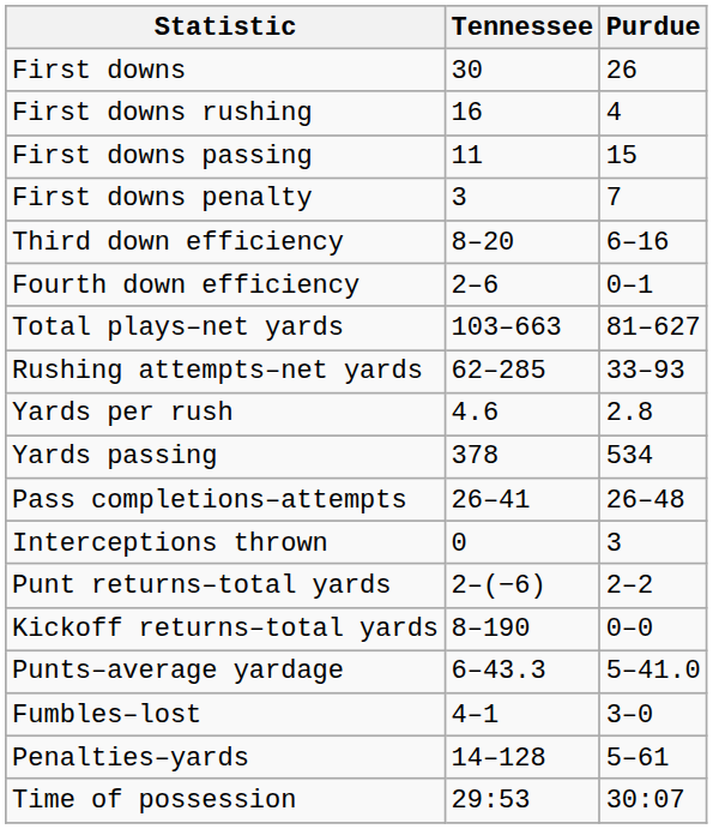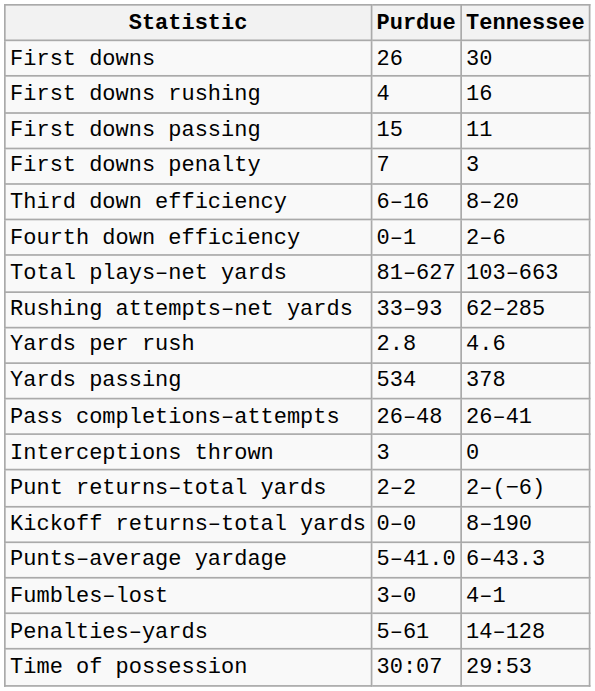 <table class="wikitable">
 <tr>
 <th>Statistic</th>
+<th><strong>Purdue</strong></th>
 <th><strong>Tennessee</strong></th>
-<th><strong>Purdue</strong></th>
 </tr>
 <tr>
 <td>First downs</td>
+<td>26</td>
 <td>30</td>
-<td>26</td>
 </tr>
 <tr>
 <td>First downs rushing</td>
+<td>4</td>
 <td>16</td>
-<td>4</td>
 </tr>
 <tr>
 <td>First downs passing</td>
+<td>15</td>
 <td>11</td>
-<td>15</td>
 </tr>
 <tr>
 <td>First downs penalty</td>
+<td>7</td>
 <td>3</td>
-<td>7</td>
 </tr>
 <tr>
 <td>Third down efficiency</td>
+<td>6–16</td>
 <td>8–20</td>
-<td>6–16</td>
 </tr>
 <tr>
 <td>Fourth down efficiency</td>
+<td>0–1</td>
 <td>2–6</td>
-<td>0–1</td>
 </tr>
 <tr>
 <td>Total plays–net yards</td>
+<td>81–627</td>
 <td>103–663</td>
-<td>81–627</td>
 </tr>
 <tr>
 <td>Rushing attempts–net yards</td>
+<td>33–93</td>
 <td>62–285</td>
-<td>33–93</td>
 </tr>
 <tr>
 <td>Yards per rush</td>
+<td>2.8</td>
 <td>4.6</td>
-<td>2.8</td>
 </tr>
 <tr>
 <td>Yards passing</td>
+<td>534</td>
 <td>378</td>
-<td>534</td>
 </tr>
 <tr>
 <td>Pass completions–attempts</td>
+<td>26–48</td>
 <td>26–41</td>
-<td>26–48</td>
 </tr>
 <tr>
 <td>Interceptions thrown</td>
+<td>3</td>
 <td>0</td>
-<td>3</td>
 </tr>
 <tr>
 <td>Punt returns–total yards</td>
+<td>2–2</td>
 <td>2–(−6)</td>
-<td>2–2</td>
 </tr>
 <tr>
 <td>Kickoff returns–total yards</td>
+<td>0–0</td>
 <td>8–190</td>
-<td>0–0</td>
 </tr>
 <tr>
 <td>Punts–average yardage</td>
+<td>5–41.0</td>
 <td>6–43.3</td>
-<td>5–41.0</td>
 </tr>
 <tr>
 <td>Fumbles–lost</td>
+<td>3–0</td>
 <td>4–1</td>
-<td>3–0</td>
 </tr>
 <tr>
 <td>Penalties–yards</td>
+<td>5–61</td>
 <td>14–128</td>
-<td>5–61</td>
 </tr>
 <tr>
 <td>Time of possession</td>
+<td>30:07</td>
 <td>29:53</td>
-<td>30:07</td>
 </tr>
 </table>
